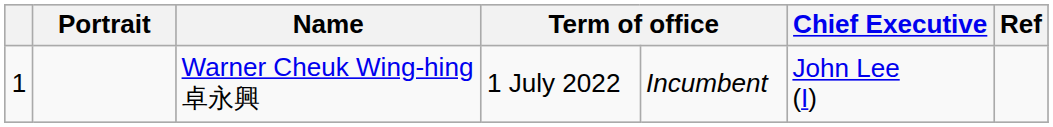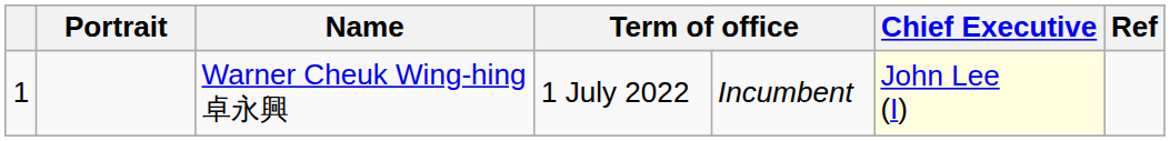 <table class="wikitable"  style="text-align:left">
 <tr>
 <th width=10px></th>
 <th width=80px>Portrait</th>
 <th width=180px>Name</th>
 <th width=180px colspan=2>Term of office</th>
 <th width=120px><a href='#'>Chief Executive</a></th>
 <th>Ref</th>
 </tr>
 <tr>
 <td rowspan=2 align=center>1</td>
 <td rowspan=2></td>
 <td rowspan=2><a href='#'>Warner Cheuk Wing-hing</a><br>卓永興</td>
 <td rowspan=2>1 July 2022</td>
 <td rowspan=2><em>Incumbent</em></td>
-<td><a href='#'>John Lee</a><br>(<a href='#'>I</a>)</td>
+<td style="background: lightyellow;"><a href='#'>John Lee</a><br>(<a href='#'>I</a>)</td>
 <td></td>
 </tr>
 </table>
